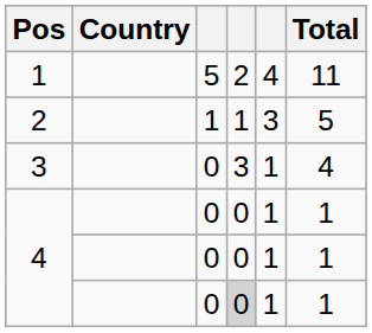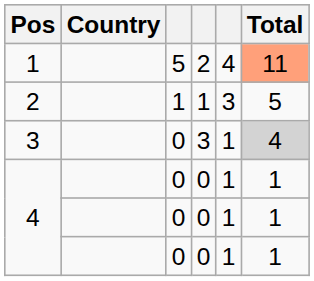 <table class=wikitable style="font-size:95%; text-align: center">
 <tr>
 <th>Pos</th>
 <th>Country</th>
 <th></th>
 <th></th>
 <th></th>
 <th>Total</th>
 </tr>
 <tr>
 <td>1</td>
 <td style=text-align:left></td>
 <td>5</td>
 <td>2</td>
 <td>4</td>
-<td>11</td>
+<td style="background: lightsalmon;">11</td>
 </tr>
 <tr>
 <td>2</td>
 <td style=text-align:left></td>
 <td>1</td>
 <td>1</td>
 <td>3</td>
 <td>5</td>
 </tr>
 <tr>
 <td>3</td>
 <td style=text-align:left></td>
 <td>0</td>
 <td>3</td>
 <td>1</td>
-<td>4</td>
+<td style="background: lightgrey;">4</td>
 </tr>
 <tr>
 <td rowspan=3>4</td>
 <td style=text-align:left></td>
 <td>0</td>
 <td>0</td>
 <td>1</td>
 <td>1</td>
 </tr>
 <tr>
 <td style=text-align:left></td>
 <td>0</td>
 <td>0</td>
 <td>1</td>
 <td>1</td>
 </tr>
 <tr>
 <td style=text-align:left></td>
 <td>0</td>
-<td style="background: lightgrey;">0</td>
+<td>0</td>
 <td>1</td>
 <td>1</td>
 </tr>
 </table>
